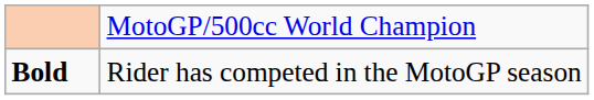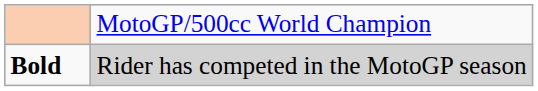 <table class="wikitable">
 <tr>
 <td style="text-align:center; width:47px; background:#FBCEB1;"></td>
 <td><a href='#'>MotoGP/500cc World Champion</a></td>
 </tr>
 <tr>
 <td><strong>Bold</strong></td>
-<td>Rider has competed in the  MotoGP season</td>
+<td style="background: lightgrey;">Rider has competed in the  MotoGP season</td>
 </tr>
 </table>
